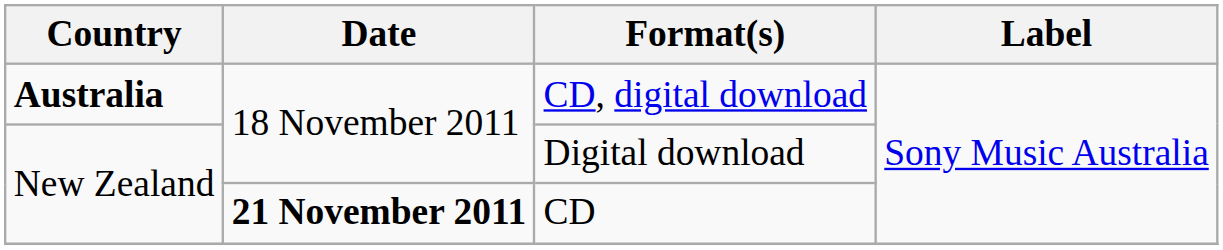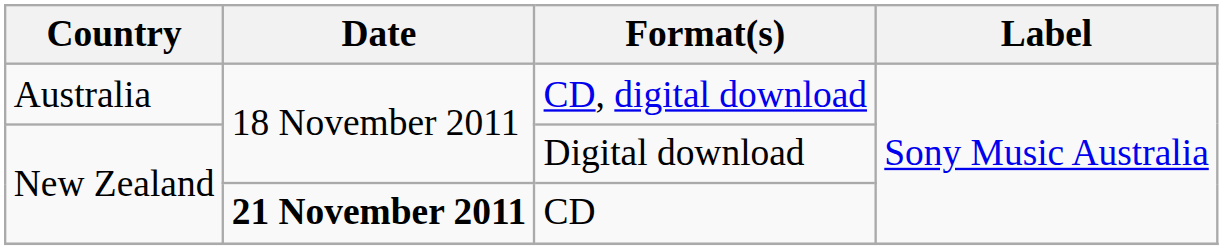 <table class="wikitable">
 <tr>
 <th>Country</th>
 <th>Date</th>
 <th>Format(s)</th>
 <th>Label</th>
 </tr>
 <tr>
-<td><strong>Australia</strong></td>
+<td>Australia</td>
 <td rowspan="2">18 November 2011</td>
 <td><a href='#'>CD</a>, <a href='#'>digital download</a></td>
 <td rowspan="3"><a href='#'>Sony Music Australia</a></td>
 </tr>
 <tr>
 <td rowspan="2">New Zealand</td>
 <td>Digital download</td>
 </tr>
 <tr>
 <td><strong>21 November 2011</strong></td>
 <td>CD</td>
 </tr>
 <tr>
 </tr>
 </table>
